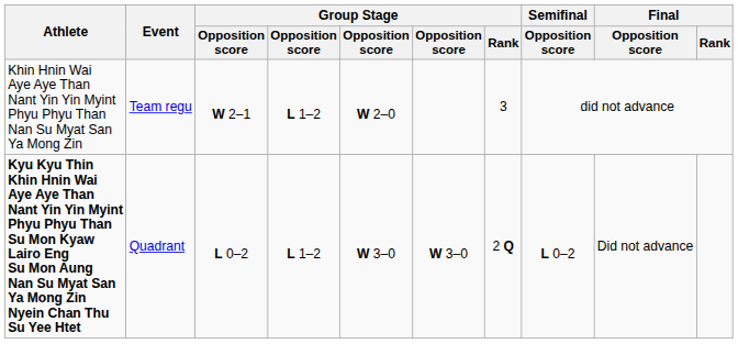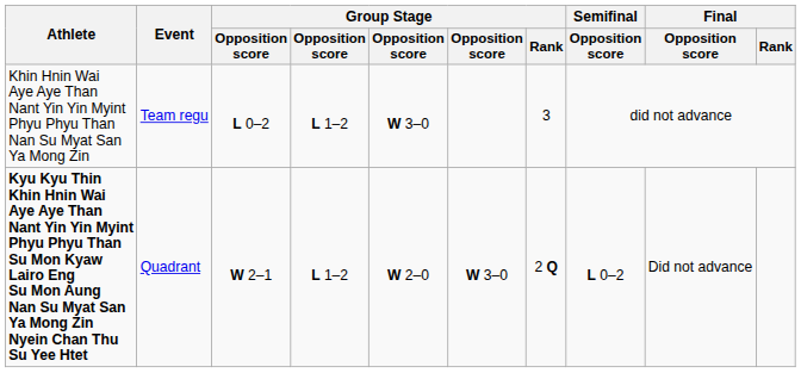 <table class=wikitable style=font-size:90%;text-align:center>
 <tr>
 <th rowspan="2">Athlete</th>
 <th rowspan="2">Event</th>
 <th colspan=5>Group Stage</th>
 <th>Semifinal</th>
 <th colspan=2>Final</th>
 </tr>
 <tr style="font-size:95%">
 <th>Opposition<br>score</th>
 <th>Opposition<br>score</th>
 <th>Opposition<br>score</th>
 <th>Opposition<br>score</th>
 <th>Rank</th>
 <th>Opposition<br>score</th>
 <th>Opposition<br>score</th>
 <th>Rank</th>
 </tr>
 <tr>
 <td align=left>Khin Hnin Wai<br>Aye Aye Than<br>Nant Yin Yin Myint<br>Phyu Phyu Than<br>Nan Su Myat San<br>Ya Mong Zin</td>
 <td align=left><a href='#'>Team regu</a></td>
-<td><br><strong>W</strong> 2–1</td>
+<td><br><strong>L</strong> 0–2</td>
 <td><br><strong>L</strong> 1–2</td>
-<td><br><strong>W</strong> 2–0</td>
+<td><br><strong>W</strong> 3–0</td>
 <td></td>
 <td>3</td>
 <td colspan=3>did not advance</td>
 </tr>
 <tr>
 <td align=left><strong>Kyu Kyu Thin<br>Khin Hnin Wai<br>Aye Aye Than<br>Nant Yin Yin Myint<br>Phyu Phyu Than<br>Su Mon Kyaw<br>Lairo Eng<br>Su Mon Aung<br>Nan Su Myat San<br>Ya Mong Zin<br>Nyein Chan Thu<br>Su Yee Htet</strong></td>
 <td align=left><a href='#'>Quadrant</a></td>
-<td><br><strong>L</strong> 0–2</td>
+<td><br><strong>W</strong> 2–1</td>
 <td><br><strong>L</strong> 1–2</td>
-<td><br><strong>W</strong> 3–0</td>
+<td><br><strong>W</strong> 2–0</td>
 <td><br><strong>W</strong> 3–0</td>
 <td>2 <strong>Q</strong></td>
 <td><br><strong>L</strong> 0–2</td>
 <td>Did not advance</td>
 <td></td>
 </tr>
 </table>
